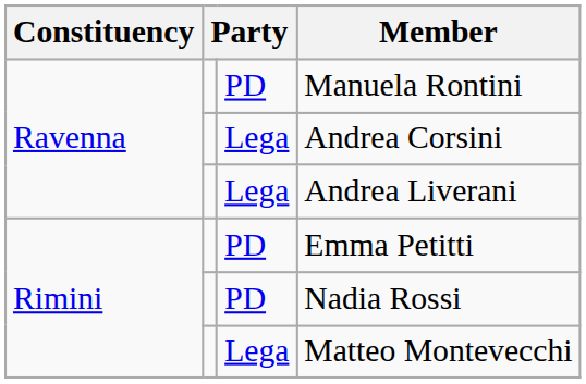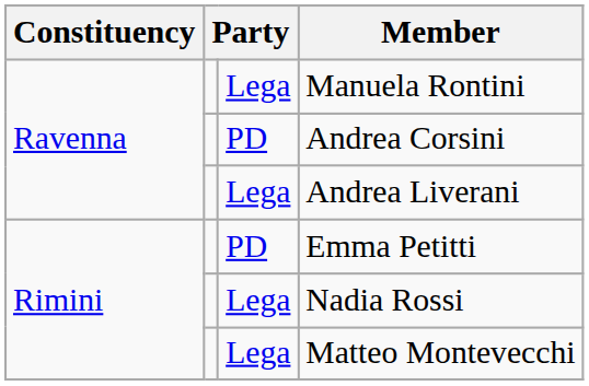 <table class="wikitable" style="font-size:90%">
 <tr>
 <th>Constituency</th>
 <th colspan=2>Party</th>
 <th>Member</th>
 </tr>
 <tr>
 <td rowspan="3"><a href='#'>Ravenna</a></td>
 <td style="background:"></td>
-<td><a href='#'>PD</a></td>
+<td><a href='#'>Lega</a></td>
 <td>Manuela Rontini</td>
 </tr>
 <tr>
 <td style="background:"></td>
-<td><a href='#'>Lega</a></td>
+<td><a href='#'>PD</a></td>
 <td>Andrea Corsini</td>
 </tr>
 <tr>
 <td style="background:"></td>
 <td><a href='#'>Lega</a></td>
 <td>Andrea Liverani</td>
 </tr>
 <tr>
 <td rowspan="3"><a href='#'>Rimini</a></td>
 <td style="background:"></td>
 <td><a href='#'>PD</a></td>
 <td>Emma Petitti</td>
 </tr>
 <tr>
 <td style="background:"></td>
-<td><a href='#'>PD</a></td>
+<td><a href='#'>Lega</a></td>
 <td>Nadia Rossi</td>
 </tr>
 <tr>
 <td style="background:"></td>
 <td><a href='#'>Lega</a></td>
 <td>Matteo Montevecchi</td>
 </tr>
 </table>
